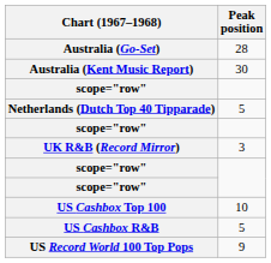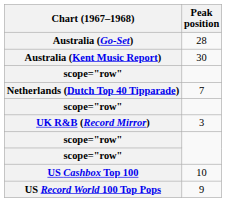 <table class="wikitable sortable plainrowheaders">
 <tr>
 <th scope="col">Chart (1967–1968)</th>
 <th scope="col">Peak<br>position</th>
 </tr>
 <tr>
 <th scope="row">Australia (<em><a href='#'>Go-Set</a></em>)</th>
 <td align="center">28</td>
 </tr>
 <tr>
 <th scope="row">Australia (<a href='#'>Kent Music Report</a>)</th>
 <td align="center">30</td>
 </tr>
 <tr>
 <th>scope="row" </th>
 </tr>
 <tr>
 <th scope="row">Netherlands (<a href='#'>Dutch Top 40 Tipparade</a>)</th>
-<td align="center">5</td>
+<td align="center">7</td>
 </tr>
 <tr>
 <th>scope="row" </th>
 </tr>
 <tr>
 <th scope="row"><a href='#'>UK R&B</a> (<em><a href='#'>Record Mirror</a></em>)</th>
 <td align="center">3</td>
 </tr>
 <tr>
 <th>scope="row" </th>
 </tr>
 <tr>
 <th>scope="row" </th>
 </tr>
 <tr>
 <th scope="row"><a href='#'>US <em>Cashbox</em> Top 100</a></th>
 <td style="text-align:center;">10</td>
 </tr>
 <tr>
-<th scope="row"><a href='#'>US <em>Cashbox</em> R&B</a></th>
-<td style="text-align:center;">5</td>
-</tr>
-<tr>
 <th scope="row">US <a href='#'><em>Record World</em> 100 Top Pops</a></th>
 <td style="text-align:center;">9</td>
 </tr>
 </table>
